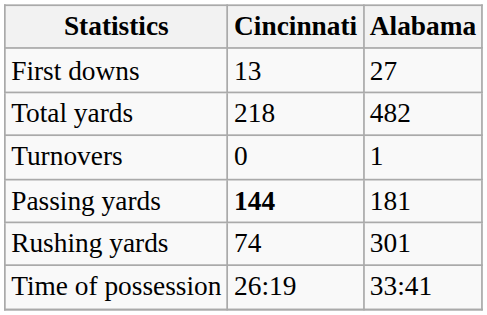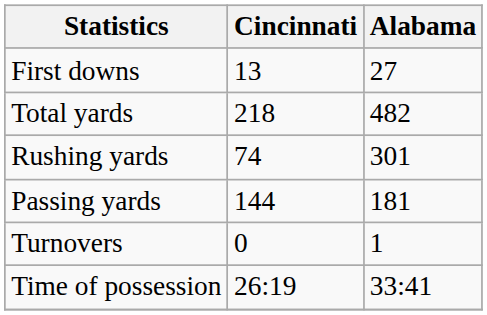 <table class="wikitable" style="float: left;">
 <tr>
 <th>Statistics</th>
 <th>Cincinnati</th>
 <th>Alabama</th>
 </tr>
 <tr>
 <td>First downs</td>
 <td>13</td>
 <td>27</td>
 </tr>
 <tr>
 <td>Total yards</td>
 <td>218</td>
 <td>482</td>
 </tr>
 <tr>
+<td>Rushing yards</td>
+<td>74</td>
+<td>301</td>
+</tr>
+<tr>
+<td>Passing yards</td>
+<td>144</td>
+<td>181</td>
+</tr>
+<tr>
 <td>Turnovers</td>
 <td>0</td>
 <td>1</td>
-</tr>
-<tr>
-<td>Passing yards</td>
-<td><strong>144</strong></td>
-<td>181</td>
-</tr>
-<tr>
-<td>Rushing yards</td>
-<td>74</td>
-<td>301</td>
 </tr>
 <tr>
 <td>Time of possession</td>
 <td>26:19</td>
 <td>33:41</td>
 </tr>
 <tr>
 </tr>
 </table>
